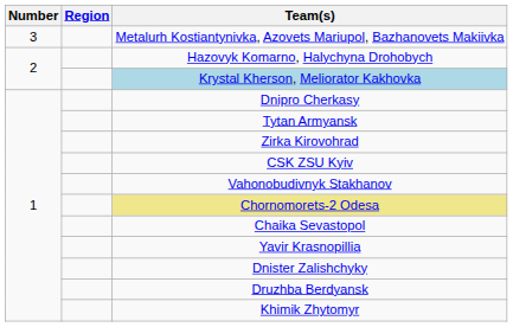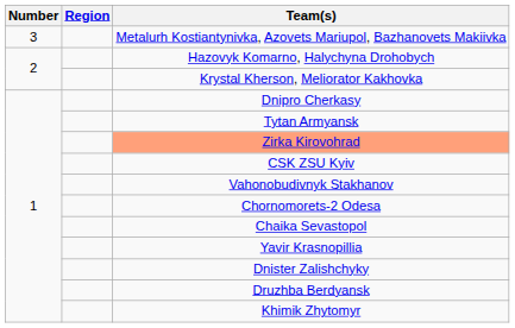 <table class="wikitable" style="text-align:center">
 <tr>
 <th>Number</th>
 <th><a href='#'>Region</a></th>
 <th>Team(s)</th>
 </tr>
 <tr>
 <td rowspan="1">3</td>
 <td align="left"></td>
 <td><a href='#'>Metalurh Kostiantynivka</a>, <a href='#'>Azovets Mariupol</a>, <a href='#'>Bazhanovets Makiivka</a></td>
 </tr>
 <tr>
 <td rowspan="2">2</td>
 <td align="left"></td>
 <td><a href='#'>Hazovyk Komarno</a>, <a href='#'>Halychyna Drohobych</a></td>
 </tr>
 <tr>
 <td align="left"></td>
-<td style="background: lightblue;"><a href='#'>Krystal Kherson</a>, <a href='#'>Meliorator Kakhovka</a></td>
+<td><a href='#'>Krystal Kherson</a>, <a href='#'>Meliorator Kakhovka</a></td>
 </tr>
 <tr>
 <td rowspan="17">1</td>
 <td align="left"></td>
 <td><a href='#'>Dnipro Cherkasy</a></td>
 </tr>
 <tr>
 <td align="left"></td>
 <td><a href='#'>Tytan Armyansk</a></td>
 </tr>
 <tr>
 <td align="left"></td>
-<td><a href='#'>Zirka Kirovohrad</a></td>
+<td style="background: lightsalmon;"><a href='#'>Zirka Kirovohrad</a></td>
 </tr>
 <tr>
 <td align="left"></td>
 <td><a href='#'>CSK ZSU Kyiv</a></td>
 </tr>
 <tr>
 <td align="left"></td>
 <td><a href='#'>Vahonobudivnyk Stakhanov</a></td>
 </tr>
 <tr>
 <td align="left"></td>
-<td style="background: khaki;"><a href='#'>Chornomorets-2 Odesa</a></td>
+<td><a href='#'>Chornomorets-2 Odesa</a></td>
 </tr>
 <tr>
 <td align="left"></td>
 <td><a href='#'>Chaika Sevastopol</a></td>
 </tr>
 <tr>
 <td align="left"></td>
 <td><a href='#'>Yavir Krasnopillia</a></td>
 </tr>
 <tr>
 <td align="left"></td>
 <td><a href='#'>Dnister Zalishchyky</a></td>
 </tr>
 <tr>
 <td align="left"></td>
 <td><a href='#'>Druzhba Berdyansk</a></td>
 </tr>
 <tr>
 <td align="left"></td>
 <td><a href='#'>Khimik Zhytomyr</a></td>
 </tr>
 </table>
